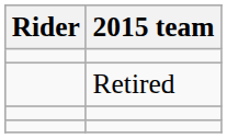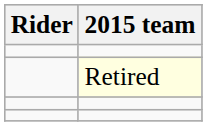 <table class="wikitable">
 <tr>
 <th>Rider</th>
 <th>2015 team</th>
 </tr>
 <tr>
 <td></td>
 <td></td>
 </tr>
 <tr>
 <td></td>
-<td>Retired</td>
+<td style="background: lightyellow;">Retired</td>
 </tr>
 <tr>
 <td></td>
 <td></td>
 </tr>
 <tr>
 <td></td>
 <td></td>
 </tr>
 </table>
